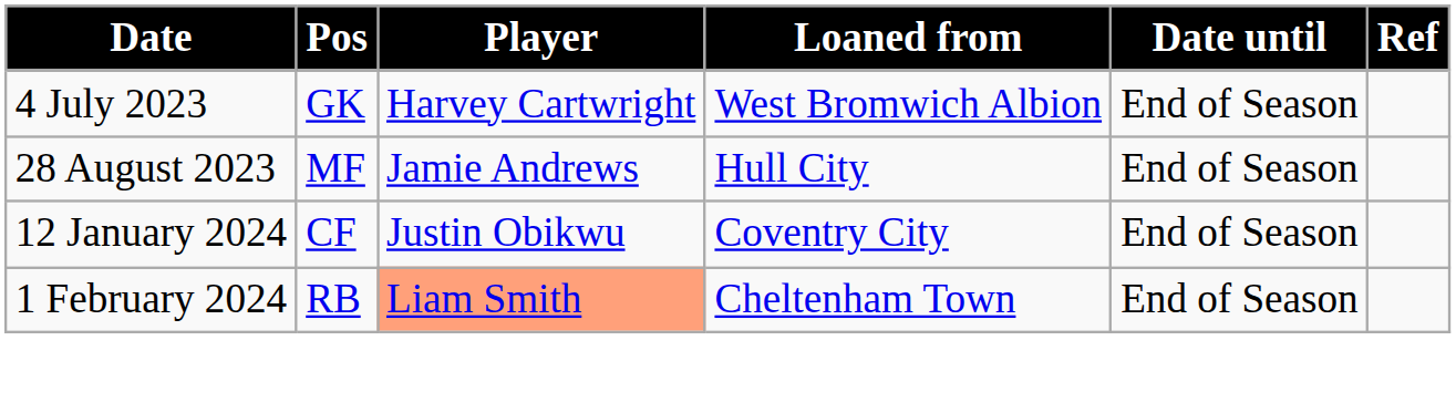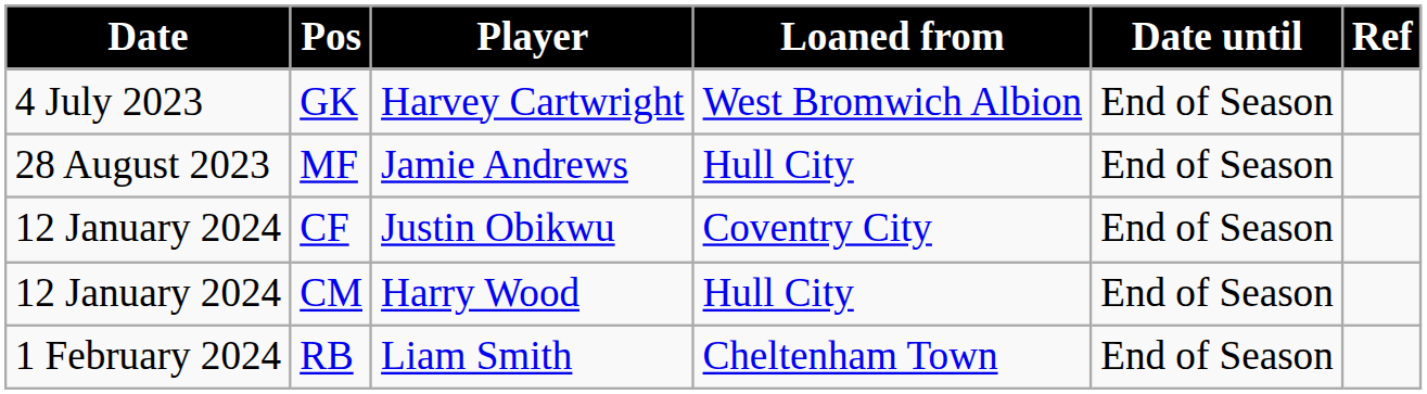 <table class="wikitable plainrowheaders sortable">
 <tr>
 <th style="background:black; color:#FFFFFF;">Date</th>
 <th style="background:black; color:#FFFFFF;">Pos</th>
 <th style="background:black; color:#FFFFFF;">Player</th>
 <th style="background:black; color:#FFFFFF;">Loaned from</th>
 <th style="background:black; color:#FFFFFF;">Date until</th>
 <th style="background:black; color:#FFFFFF;">Ref</th>
 </tr>
 <tr>
 <td>4 July 2023</td>
 <td><a href='#'>GK</a></td>
 <td> <a href='#'>Harvey Cartwright</a></td>
 <td> <a href='#'>West Bromwich Albion</a></td>
 <td>End of Season</td>
 <td></td>
 </tr>
 <tr>
 <td>28 August 2023</td>
 <td><a href='#'>MF</a></td>
 <td> <a href='#'>Jamie Andrews</a></td>
 <td> <a href='#'>Hull City</a></td>
 <td>End of Season</td>
 <td></td>
 </tr>
 <tr>
 <td>12 January 2024</td>
 <td><a href='#'>CF</a></td>
 <td> <a href='#'>Justin Obikwu</a></td>
 <td> <a href='#'>Coventry City</a></td>
 <td>End of Season</td>
 <td></td>
 </tr>
 <tr>
+<td>12 January 2024</td>
+<td><a href='#'>CM</a></td>
+<td> <a href='#'>Harry Wood</a></td>
+<td> <a href='#'>Hull City</a></td>
+<td>End of Season</td>
+<td></td>
+</tr>
+<tr>
 <td>1 February 2024</td>
 <td><a href='#'>RB</a></td>
-<td style="background: lightsalmon;"> <a href='#'>Liam Smith</a></td>
+<td> <a href='#'>Liam Smith</a></td>
 <td> <a href='#'>Cheltenham Town</a></td>
 <td>End of Season</td>
 <td></td>
 </tr>
 </table>
